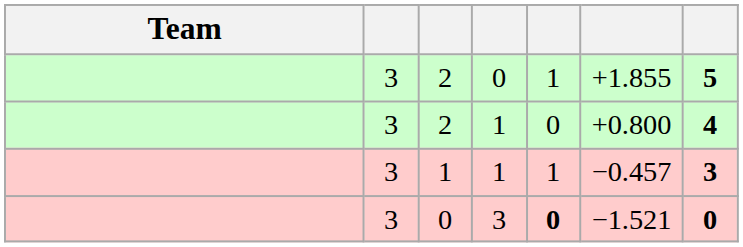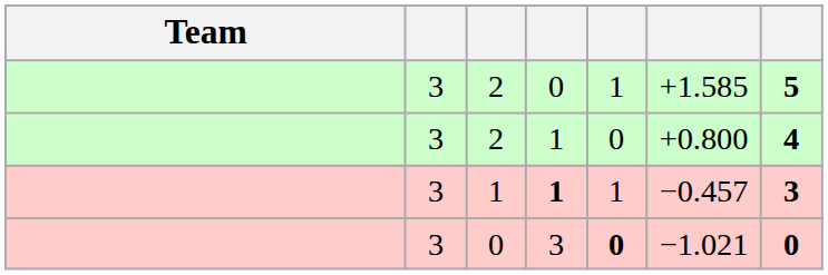 <table class="wikitable" style="text-align:center">
 <tr>
 <th style="width:175px;">Team</th>
 <th style="width:20px;"></th>
 <th style="width:20px;"></th>
 <th style="width:20px;"></th>
 <th style="width:20px;"></th>
 <th style="width:45px;"></th>
 <th style="width:20px;"></th>
 </tr>
 <tr style="background:#ccffcc; font-size:90%">
 <td style="text-align:left"></td>
 <td>3</td>
 <td>2</td>
 <td>0</td>
 <td>1</td>
-<td>+1.855</td>
+<td>+1.585</td>
 <td><strong>5</strong></td>
 </tr>
 <tr style="background:#ccffcc; font-size:90%">
 <td style="text-align:left"></td>
 <td>3</td>
 <td>2</td>
 <td>1</td>
 <td>0</td>
 <td>+0.800</td>
 <td><strong>4</strong></td>
 </tr>
 <tr style="background:#ffcccc; font-size:90%">
 <td style="text-align:left"></td>
 <td>3</td>
 <td>1</td>
-<td>1</td>
+<td><strong>1</strong></td>
 <td>1</td>
 <td>−0.457</td>
 <td><strong>3</strong></td>
 </tr>
 <tr style="background:#ffcccc; font-size:90%">
 <td style="text-align:left"></td>
 <td>3</td>
 <td>0</td>
 <td>3</td>
 <td><strong>0</strong></td>
-<td>−1.521</td>
+<td>−1.021</td>
 <td><strong>0</strong></td>
 </tr>
 </table>
